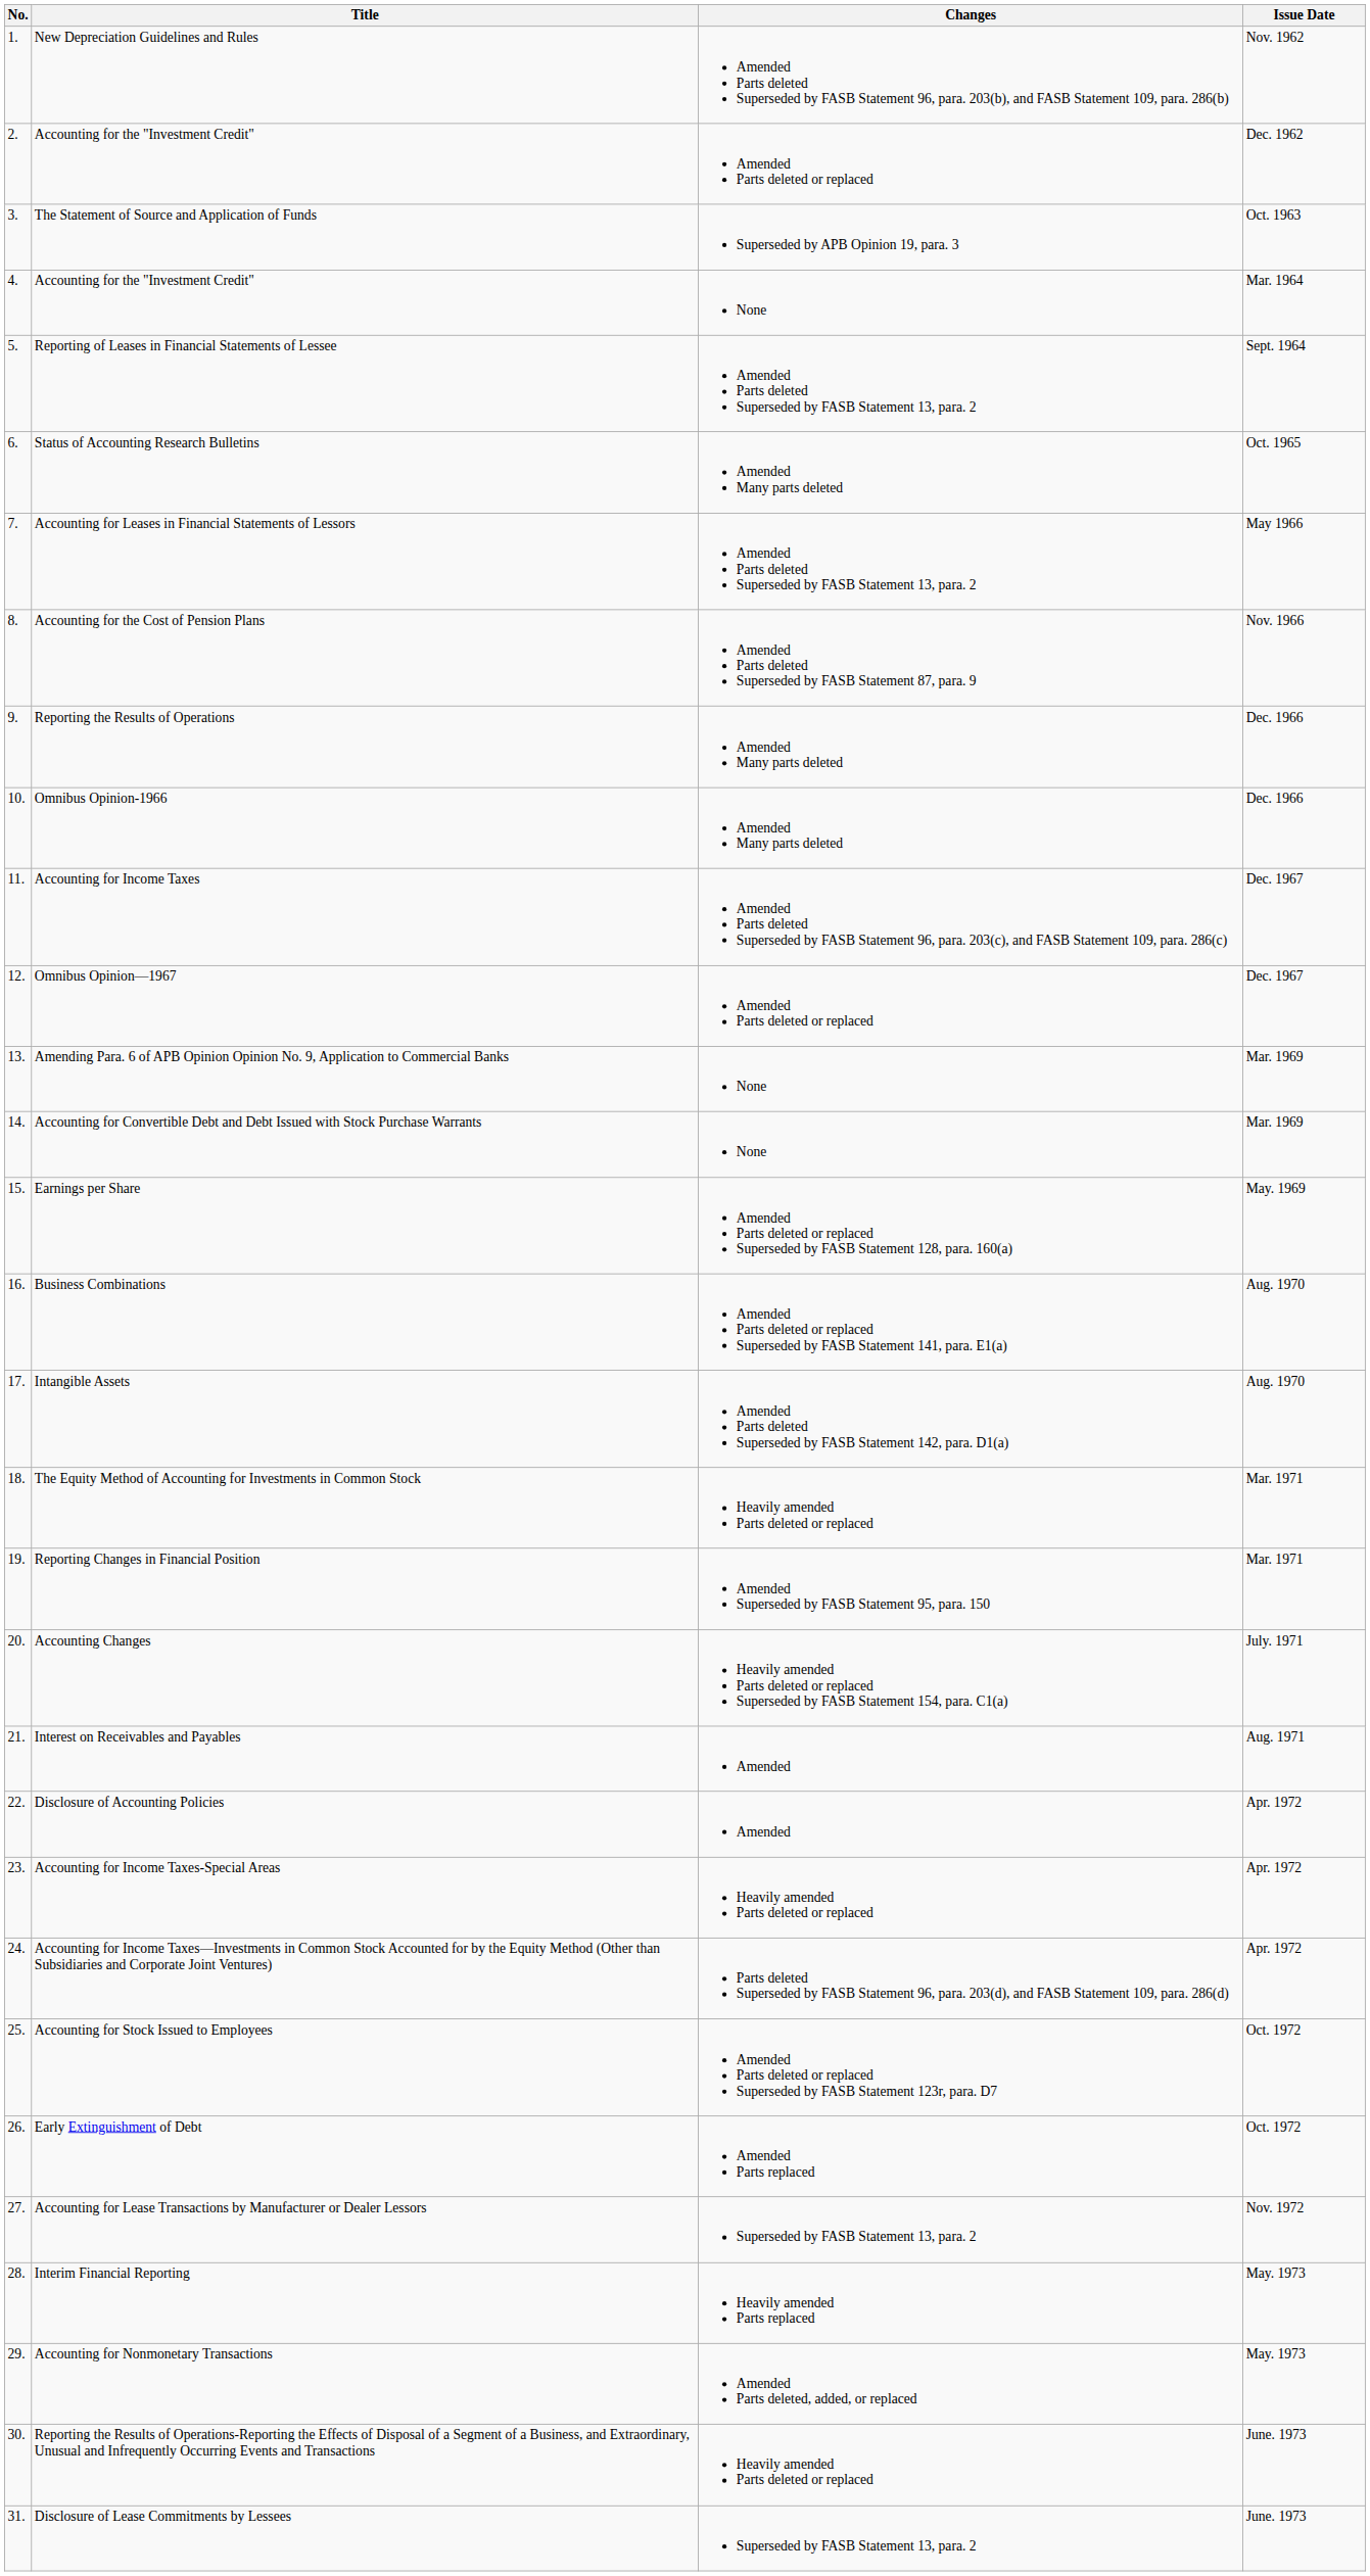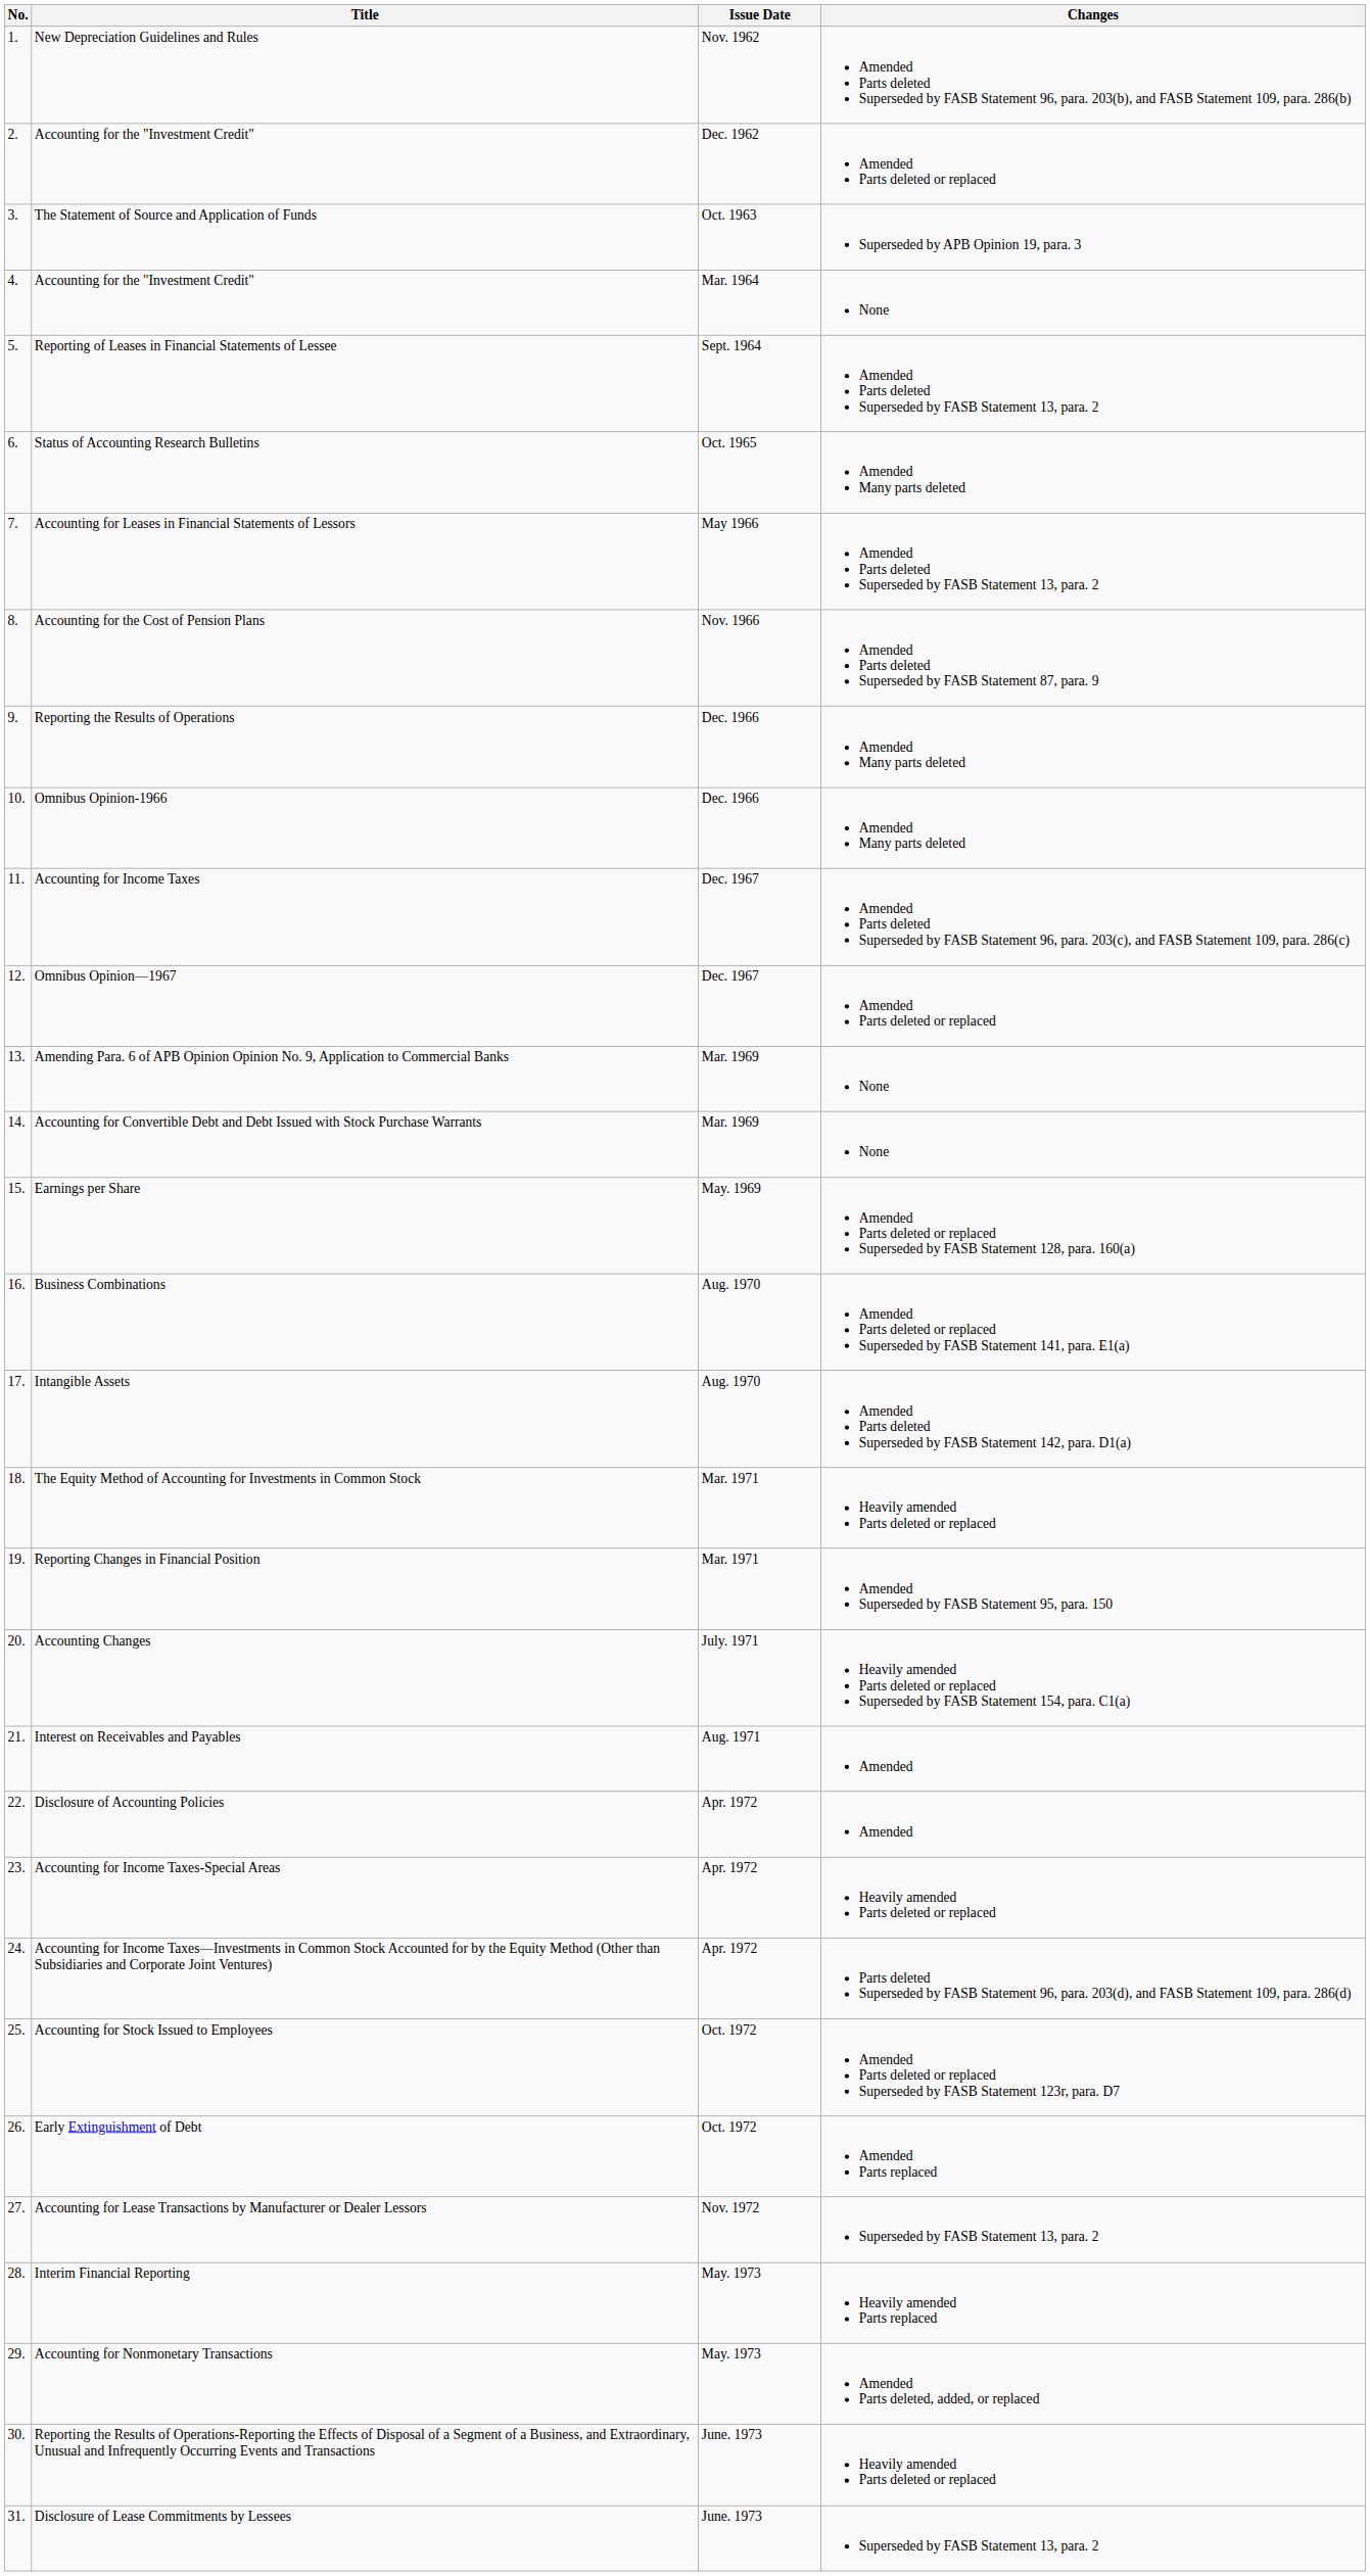 <table class=wikitable>
 <tr>
 <th>No.</th>
 <th>Title</th>
+<th width=9%>Issue Date</th>
 <th align=center width=40%>Changes </th>
-<th width=9%>Issue Date</th>
 </tr>
 <tr align=left valign=top>
 <td>1.</td>
 <td>New Depreciation Guidelines and Rules </td>
+<td>Nov. 1962</td>
 <td><br><ul><li>Amended</li><li>Parts deleted</li><li>Superseded by FASB Statement 96, para. 203(b), and FASB Statement 109, para. 286(b)</li></ul></td>
-<td>Nov. 1962</td>
 </tr>
 <tr align=left valign=top>
 <td>2.</td>
 <td>Accounting for the "Investment Credit" </td>
+<td>Dec. 1962</td>
 <td><br><ul><li>Amended</li><li>Parts deleted or replaced</li></ul></td>
-<td>Dec. 1962</td>
 </tr>
 <tr align=left valign=top>
 <td>3.</td>
 <td>The Statement of Source and Application of Funds </td>
+<td>Oct. 1963</td>
 <td><br><ul><li>Superseded by APB Opinion 19, para. 3</li></ul></td>
-<td>Oct. 1963</td>
 </tr>
 <tr align=left valign=top>
 <td>4.</td>
 <td>Accounting for the "Investment Credit" </td>
+<td>Mar. 1964</td>
 <td><br><ul><li>None</li></ul></td>
-<td>Mar. 1964</td>
 </tr>
 <tr align=left valign=top>
 <td>5.</td>
 <td>Reporting of Leases in Financial Statements of Lessee </td>
+<td>Sept. 1964</td>
 <td><br><ul><li>Amended</li><li>Parts deleted</li><li>Superseded by FASB Statement 13, para. 2</li></ul></td>
-<td>Sept. 1964</td>
 </tr>
 <tr align=left valign=top>
 <td>6.</td>
 <td>Status of Accounting Research Bulletins </td>
+<td>Oct. 1965</td>
 <td><br><ul><li>Amended</li><li>Many parts deleted</li></ul></td>
-<td>Oct. 1965</td>
 </tr>
 <tr align=left valign=top>
 <td>7.</td>
 <td>Accounting for Leases in Financial Statements of Lessors </td>
+<td>May 1966</td>
 <td><br><ul><li>Amended</li><li>Parts deleted</li><li>Superseded by FASB Statement 13, para. 2</li></ul></td>
-<td>May 1966</td>
 </tr>
 <tr align=left valign=top>
 <td>8.</td>
 <td>Accounting for the Cost of Pension Plans </td>
+<td>Nov. 1966</td>
 <td><br><ul><li>Amended</li><li>Parts deleted</li><li>Superseded by FASB Statement 87, para. 9</li></ul></td>
-<td>Nov. 1966</td>
 </tr>
 <tr align=left valign=top>
 <td>9.</td>
 <td>Reporting the Results of Operations </td>
+<td>Dec. 1966</td>
 <td><br><ul><li>Amended</li><li>Many parts deleted</li></ul></td>
-<td>Dec. 1966</td>
 </tr>
 <tr align=left valign=top>
 <td>10.</td>
 <td>Omnibus Opinion-1966 </td>
+<td>Dec. 1966</td>
 <td><br><ul><li>Amended</li><li>Many parts deleted</li></ul></td>
-<td>Dec. 1966</td>
 </tr>
 <tr align=left valign=top>
 <td>11.</td>
 <td>Accounting for Income Taxes </td>
+<td>Dec. 1967</td>
 <td><br><ul><li>Amended</li><li>Parts deleted</li><li>Superseded by FASB Statement 96, para. 203(c), and FASB Statement 109, para. 286(c)</li></ul></td>
-<td>Dec. 1967</td>
 </tr>
 <tr align=left valign=top>
 <td>12.</td>
 <td>Omnibus Opinion—1967 </td>
+<td>Dec. 1967</td>
 <td><br><ul><li>Amended</li><li>Parts deleted or replaced</li></ul></td>
-<td>Dec. 1967</td>
 </tr>
 <tr align=left valign=top>
 <td>13.</td>
 <td>Amending Para. 6 of APB Opinion Opinion No. 9, Application to Commercial Banks </td>
+<td>Mar. 1969</td>
 <td><br><ul><li>None</li></ul></td>
-<td>Mar. 1969</td>
 </tr>
 <tr align=left valign=top>
 <td>14.</td>
 <td>Accounting for Convertible Debt and Debt Issued with Stock Purchase Warrants </td>
+<td>Mar. 1969</td>
 <td><br><ul><li>None</li></ul></td>
-<td>Mar. 1969</td>
 </tr>
 <tr align=left valign=top>
 <td>15.</td>
 <td>Earnings per Share </td>
+<td>May. 1969</td>
 <td><br><ul><li>Amended</li><li>Parts deleted or replaced</li><li>Superseded by FASB Statement 128, para. 160(a)</li></ul></td>
-<td>May. 1969</td>
 </tr>
 <tr align=left valign=top>
 <td>16.</td>
 <td>Business Combinations </td>
+<td>Aug. 1970</td>
 <td><br><ul><li>Amended</li><li>Parts deleted or replaced</li><li>Superseded by FASB Statement 141, para. E1(a)</li></ul></td>
-<td>Aug. 1970</td>
 </tr>
 <tr align=left valign=top>
 <td>17.</td>
 <td>Intangible Assets </td>
+<td>Aug. 1970</td>
 <td><br><ul><li>Amended</li><li>Parts deleted</li><li>Superseded by FASB Statement 142, para. D1(a)</li></ul></td>
-<td>Aug. 1970</td>
 </tr>
 <tr align=left valign=top>
 <td>18.</td>
 <td>The Equity Method of Accounting for Investments in Common Stock </td>
+<td>Mar. 1971</td>
 <td><br><ul><li>Heavily amended</li><li>Parts deleted or replaced</li></ul></td>
-<td>Mar. 1971</td>
 </tr>
 <tr align=left valign=top>
 <td>19.</td>
 <td>Reporting Changes in Financial Position </td>
+<td>Mar. 1971</td>
 <td><br><ul><li>Amended</li><li>Superseded by FASB Statement 95, para. 150</li></ul></td>
-<td>Mar. 1971</td>
 </tr>
 <tr align=left valign=top>
 <td>20.</td>
 <td>Accounting Changes </td>
+<td>July. 1971</td>
 <td><br><ul><li>Heavily amended</li><li>Parts deleted or replaced</li><li>Superseded by FASB Statement 154, para. C1(a)</li></ul></td>
-<td>July. 1971</td>
 </tr>
 <tr align=left valign=top>
 <td>21.</td>
 <td>Interest on Receivables and Payables </td>
+<td>Aug. 1971</td>
 <td><br><ul><li>Amended</li></ul></td>
-<td>Aug. 1971</td>
 </tr>
 <tr align=left valign=top>
 <td>22.</td>
 <td>Disclosure of Accounting Policies </td>
+<td>Apr. 1972</td>
 <td><br><ul><li>Amended</li></ul></td>
-<td>Apr. 1972</td>
 </tr>
 <tr align=left valign=top>
 <td>23.</td>
 <td>Accounting for Income Taxes-Special Areas </td>
+<td>Apr. 1972</td>
 <td><br><ul><li>Heavily amended</li><li>Parts deleted or replaced</li></ul></td>
-<td>Apr. 1972</td>
 </tr>
 <tr align=left valign=top>
 <td>24.</td>
 <td>Accounting for Income Taxes—Investments in Common Stock Accounted for by the Equity Method (Other than Subsidiaries and Corporate Joint Ventures) </td>
+<td>Apr. 1972</td>
 <td><br><ul><li>Parts deleted</li><li>Superseded by FASB Statement 96, para. 203(d), and FASB Statement 109, para. 286(d)</li></ul></td>
-<td>Apr. 1972</td>
 </tr>
 <tr align=left valign=top>
 <td>25.</td>
 <td>Accounting for Stock Issued to Employees </td>
+<td>Oct. 1972</td>
 <td><br><ul><li>Amended</li><li>Parts deleted or replaced</li><li>Superseded by FASB Statement 123r, para. D7</li></ul></td>
-<td>Oct. 1972</td>
 </tr>
 <tr align=left valign=top>
 <td>26.</td>
 <td>Early <a href='#'>Extinguishment</a> of Debt </td>
+<td>Oct. 1972</td>
 <td><br><ul><li>Amended</li><li>Parts replaced</li></ul></td>
-<td>Oct. 1972</td>
 </tr>
 <tr align=left valign=top>
 <td>27.</td>
 <td>Accounting for Lease Transactions by Manufacturer or Dealer Lessors </td>
+<td>Nov. 1972</td>
 <td><br><ul><li>Superseded by FASB Statement 13, para. 2</li></ul></td>
-<td>Nov. 1972</td>
 </tr>
 <tr align=left valign=top>
 <td>28.</td>
 <td>Interim Financial Reporting </td>
+<td>May. 1973</td>
 <td><br><ul><li>Heavily amended</li><li>Parts replaced</li></ul></td>
-<td>May. 1973</td>
 </tr>
 <tr align=left valign=top>
 <td>29.</td>
 <td>Accounting for Nonmonetary Transactions </td>
+<td>May. 1973</td>
 <td><br><ul><li>Amended</li><li>Parts deleted, added, or replaced</li></ul></td>
-<td>May. 1973</td>
 </tr>
 <tr align=left valign=top>
 <td>30.</td>
 <td>Reporting the Results of Operations-Reporting the Effects of Disposal of a Segment of a Business, and Extraordinary, Unusual and Infrequently Occurring Events and Transactions </td>
+<td>June. 1973</td>
 <td><br><ul><li>Heavily amended</li><li>Parts deleted or replaced</li></ul></td>
-<td>June. 1973</td>
 </tr>
 <tr align=left valign=top>
 <td>31.</td>
 <td>Disclosure of Lease Commitments by Lessees </td>
+<td>June. 1973</td>
 <td><br><ul><li>Superseded by FASB Statement 13, para. 2</li></ul></td>
-<td>June. 1973</td>
 </tr>
 </table>
